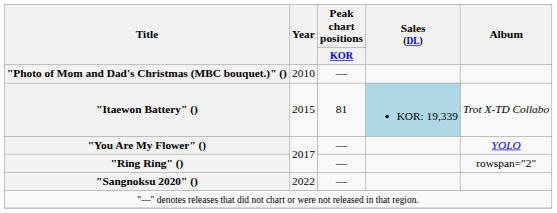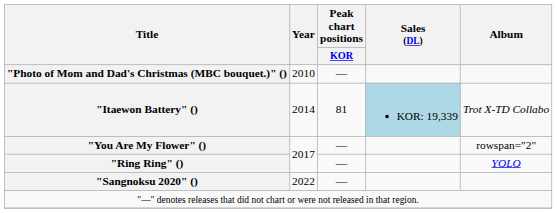 <table class="wikitable plainrowheaders" style="text-align:center;">
 <tr>
 <th scope="col" rowspan="2">Title</th>
 <th scope="col" rowspan="2">Year</th>
 <th scope="col" colspan="1">Peak chart positions</th>
 <th scope="col" rowspan="2">Sales<br><small>(<a href='#'>DL</a>)</small></th>
 <th scope="col" rowspan="2">Album</th>
 </tr>
 <tr>
 <th style="width:4em;font-size:90%"><a href='#'>KOR</a></th>
 </tr>
 <tr>
 <th scope=row>"Photo of Mom and Dad's Christmas (MBC bouquet.)" ()<br></th>
 <td>2010</td>
 <td>—</td>
 <td></td>
 <td></td>
 </tr>
 <tr>
 <th scope=row>"Itaewon Battery" ()<br></th>
-<td>2015</td>
+<td>2014</td>
 <td>81</td>
 <td style="background: lightblue;"><br><ul><li>KOR: 19,339</li></ul></td>
 <td><em>Trot X-TD Collabo</em></td>
 </tr>
 <tr>
 <th scope=row>"You Are My Flower" ()<br></th>
 <td rowspan="2">2017</td>
 <td>—</td>
 <td></td>
-<td><em><a href='#'>YOLO</a></em></td>
+<td>rowspan="2" </td>
 </tr>
 <tr>
 <th scope=row>"Ring Ring" ()<br></th>
 <td>—</td>
 <td></td>
-<td>rowspan="2" </td>
+<td><em><a href='#'>YOLO</a></em></td>
 </tr>
 <tr>
 <th scope=row>"Sangnoksu 2020" ()<br></th>
 <td>2022</td>
 <td>—</td>
 <td></td>
 </tr>
 <tr>
 <td colspan="6"><small>"—" denotes releases that did not chart or were not released in that region.</small></td>
 </tr>
 <tr>
 </tr>
 </table>
